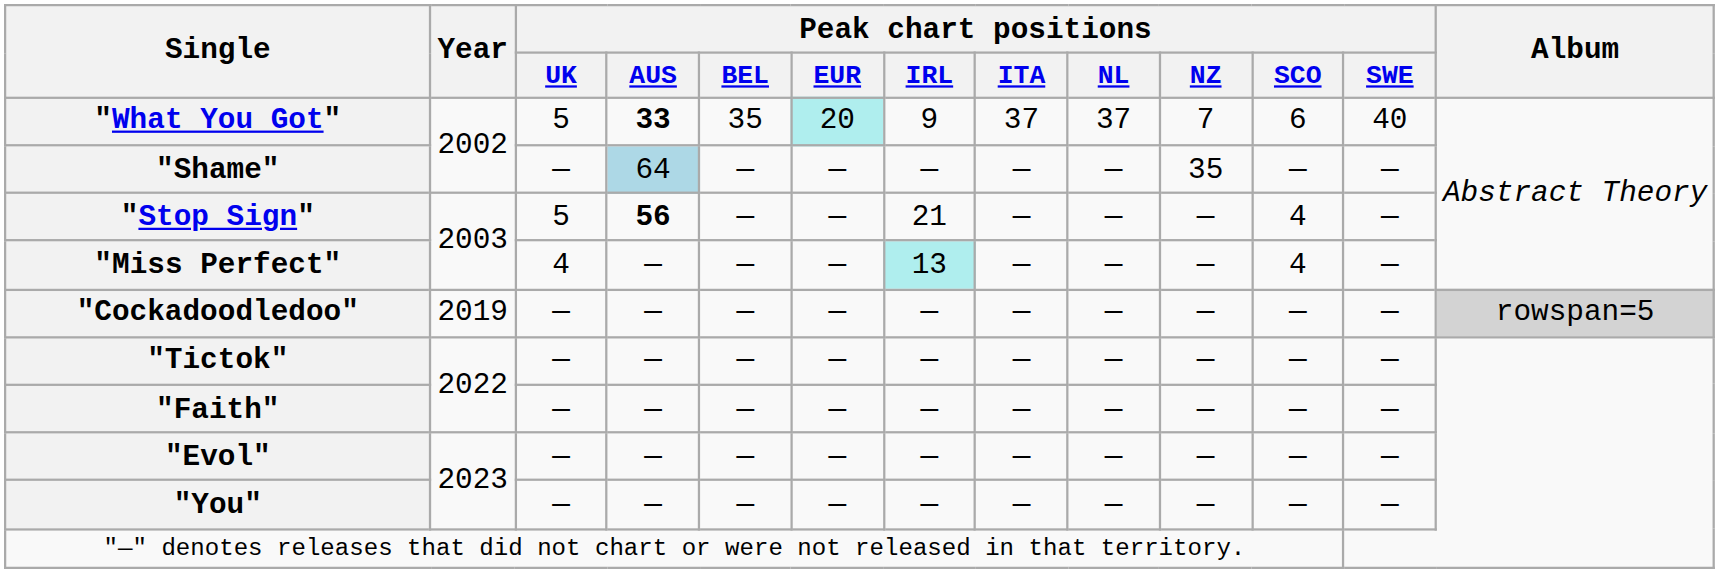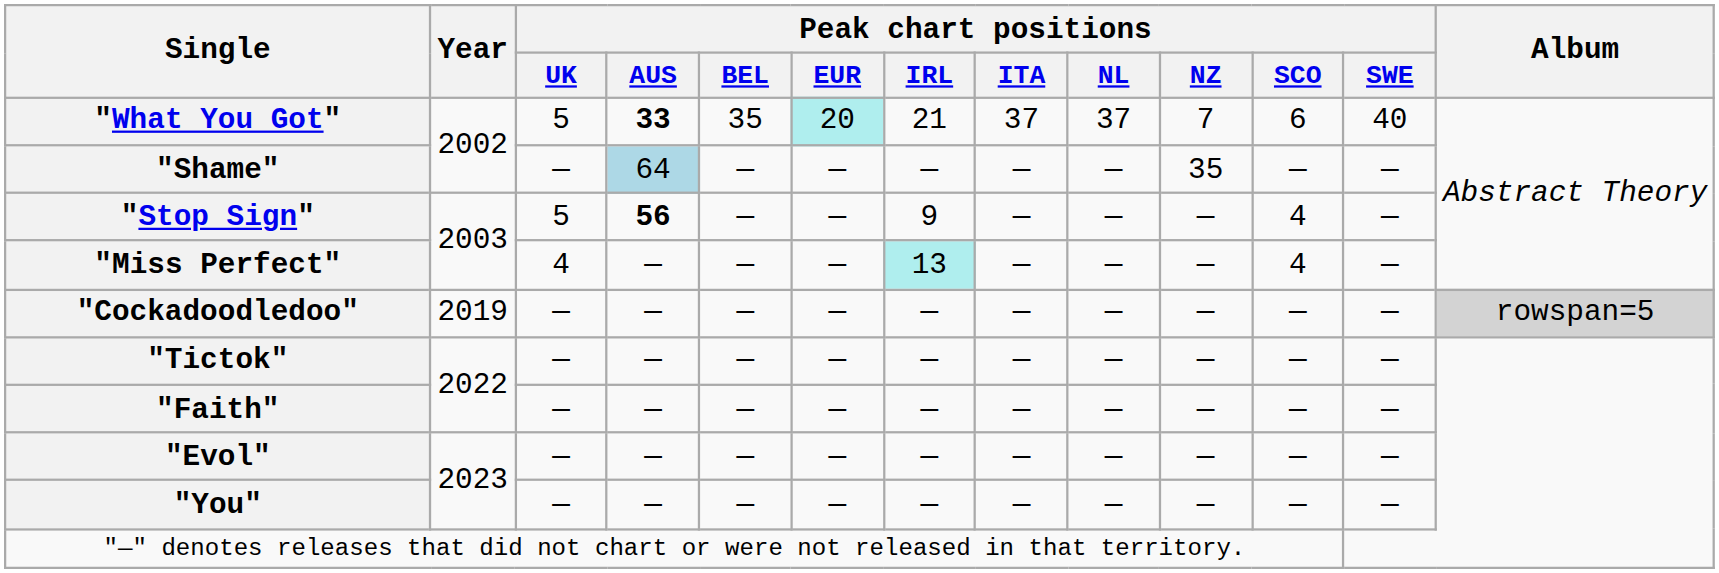 <table class="wikitable plainrowheaders" style="text-align:center;">
 <tr>
 <th scope="colw" rowspan="2" style="width:14em;">Single</th>
 <th scope="col" rowspan="2">Year</th>
 <th scope="col" colspan="10">Peak chart positions</th>
 <th scope="col" rowspan="2">Album</th>
 </tr>
 <tr>
 <th scope="col" style="width:3em;font-size:90%;"><a href='#'>UK</a><br></th>
 <th scope="col" style="width:3em;font-size:90%;"><a href='#'>AUS</a><br></th>
 <th scope="col" style="width:3em;font-size:90%;"><a href='#'>BEL</a><br></th>
 <th scope="col" style="width:3em;font-size:90%;"><a href='#'>EUR</a><br></th>
 <th scope="col" style="width:3em;font-size:90%;"><a href='#'>IRL</a><br></th>
 <th scope="col" style="width:3em;font-size:90%;"><a href='#'>ITA</a><br></th>
 <th scope="col" style="width:3em;font-size:90%;"><a href='#'>NL</a><br></th>
 <th scope="col" style="width:3em;font-size:90%;"><a href='#'>NZ</a><br></th>
 <th scope="col" style="width:3em;font-size:90%;"><a href='#'>SCO</a><br></th>
 <th scope="col" style="width:3em;font-size:90%;"><a href='#'>SWE</a><br></th>
 </tr>
 <tr>
 <th scope="row">"<a href='#'>What You Got</a>"</th>
 <td rowspan="2">2002</td>
 <td>5</td>
 <td><strong>33</strong></td>
 <td>35</td>
 <td style="background: paleturquoise;">20</td>
-<td>9</td>
+<td>21</td>
 <td>37</td>
 <td>37</td>
 <td>7</td>
 <td>6</td>
 <td>40</td>
 <td rowspan="4"><em>Abstract Theory</em></td>
 </tr>
 <tr>
 <th scope="row">"Shame"</th>
 <td>—</td>
 <td style="background: lightblue;">64</td>
 <td>—</td>
 <td>—</td>
 <td>—</td>
 <td>—</td>
 <td>—</td>
 <td>35</td>
 <td>—</td>
 <td>—</td>
 </tr>
 <tr>
 <th scope="row">"<a href='#'>Stop Sign</a>"</th>
 <td rowspan="2">2003</td>
 <td>5</td>
 <td><strong>56</strong></td>
 <td>—</td>
 <td>—</td>
-<td>21</td>
+<td>9</td>
 <td>—</td>
 <td>—</td>
 <td>—</td>
 <td>4</td>
 <td>—</td>
 </tr>
 <tr>
 <th scope="row">"Miss Perfect"<br></th>
 <td>4</td>
 <td>—</td>
 <td>—</td>
 <td>—</td>
 <td style="background: paleturquoise;">13</td>
 <td>—</td>
 <td>—</td>
 <td>—</td>
 <td>4</td>
 <td>—</td>
 </tr>
 <tr>
 <th scope="row">"Cockadoodledoo"<br></th>
 <td>2019</td>
 <td>—</td>
 <td>—</td>
 <td>—</td>
 <td>—</td>
 <td>—</td>
 <td>—</td>
 <td>—</td>
 <td>—</td>
 <td>—</td>
 <td>—</td>
 <td style="background: lightgrey;">rowspan=5 </td>
 </tr>
 <tr>
 <th scope="row">"Tictok"</th>
 <td rowspan="2">2022</td>
 <td>—</td>
 <td>—</td>
 <td>—</td>
 <td>—</td>
 <td>—</td>
 <td>—</td>
 <td>—</td>
 <td>—</td>
 <td>—</td>
 <td>—</td>
 </tr>
 <tr>
 <th scope="row">"Faith"</th>
 <td>—</td>
 <td>—</td>
 <td>—</td>
 <td>—</td>
 <td>—</td>
 <td>—</td>
 <td>—</td>
 <td>—</td>
 <td>—</td>
 <td>—</td>
 </tr>
 <tr>
 <th scope="row">"Evol"</th>
 <td rowspan="2">2023</td>
 <td>—</td>
 <td>—</td>
 <td>—</td>
 <td>—</td>
 <td>—</td>
 <td>—</td>
 <td>—</td>
 <td>—</td>
 <td>—</td>
 <td>—</td>
 </tr>
 <tr>
 <th scope="row">"You"</th>
 <td>—</td>
 <td>—</td>
 <td>—</td>
 <td>—</td>
 <td>—</td>
 <td>—</td>
 <td>—</td>
 <td>—</td>
 <td>—</td>
 <td>—</td>
 </tr>
 <tr>
 <td colspan="11" style="font-size:8pt;">"—" denotes releases that did not chart or were not released in that territory.</td>
 </tr>
 </table>
